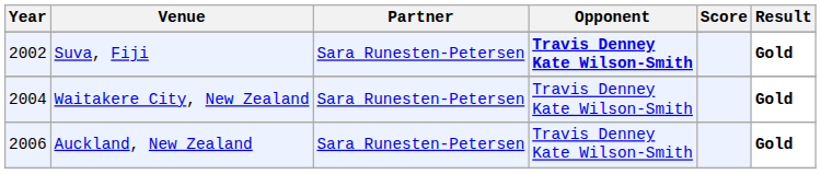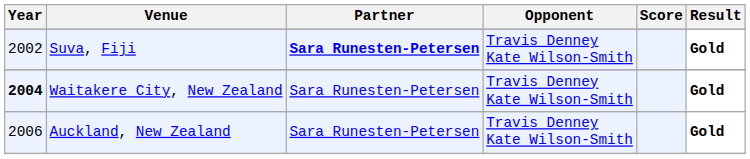 <table class="sortable wikitable" style="font-size: 90%;">
 <tr>
 <th>Year</th>
 <th>Venue</th>
 <th>Partner</th>
 <th>Opponent</th>
 <th>Score</th>
 <th>Result</th>
 </tr>
 <tr>
 </tr>
 <tr style="background:#ECF2FF">
 <td align="center">2002</td>
 <td align="left"><a href='#'>Suva</a>, <a href='#'>Fiji</a></td>
-<td align="left"> <a href='#'>Sara Runesten-Petersen</a></td>
-<td align="left"><strong> <a href='#'>Travis Denney</a> <br>  <a href='#'>Kate Wilson-Smith</a></strong></td>
+<td align="left"><strong> <a href='#'>Sara Runesten-Petersen</a></strong></td>
+<td align="left"> <a href='#'>Travis Denney</a> <br>  <a href='#'>Kate Wilson-Smith</a></td>
 <td align="left"></td>
 <td style="text-align:left; background:white"> <strong>Gold</strong></td>
 </tr>
 <tr>
 </tr>
 <tr style="background:#ECF2FF">
-<td align="center">2004</td>
+<td align="center"><strong>2004</strong></td>
 <td align="left"><a href='#'>Waitakere City</a>, <a href='#'>New Zealand</a></td>
 <td align="left"> <a href='#'>Sara Runesten-Petersen</a></td>
 <td align="left"> <a href='#'>Travis Denney</a> <br>  <a href='#'>Kate Wilson-Smith</a></td>
 <td align="left"></td>
 <td style="text-align:left; background:white"> <strong>Gold</strong></td>
 </tr>
 <tr>
 </tr>
 <tr style="background:#ECF2FF">
 <td align="center">2006</td>
 <td align="left"><a href='#'>Auckland</a>, <a href='#'>New Zealand</a></td>
 <td align="left"> <a href='#'>Sara Runesten-Petersen</a></td>
 <td align="left"> <a href='#'>Travis Denney</a> <br>  <a href='#'>Kate Wilson-Smith</a></td>
 <td align="left"></td>
 <td style="text-align:left; background:white"> <strong>Gold</strong></td>
 </tr>
 <tr>
 </tr>
 </table>
